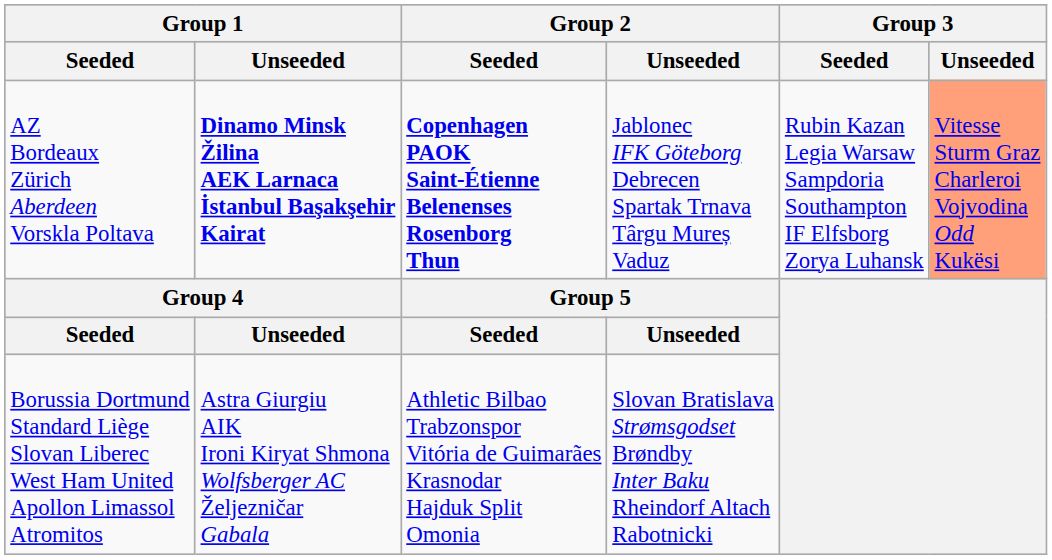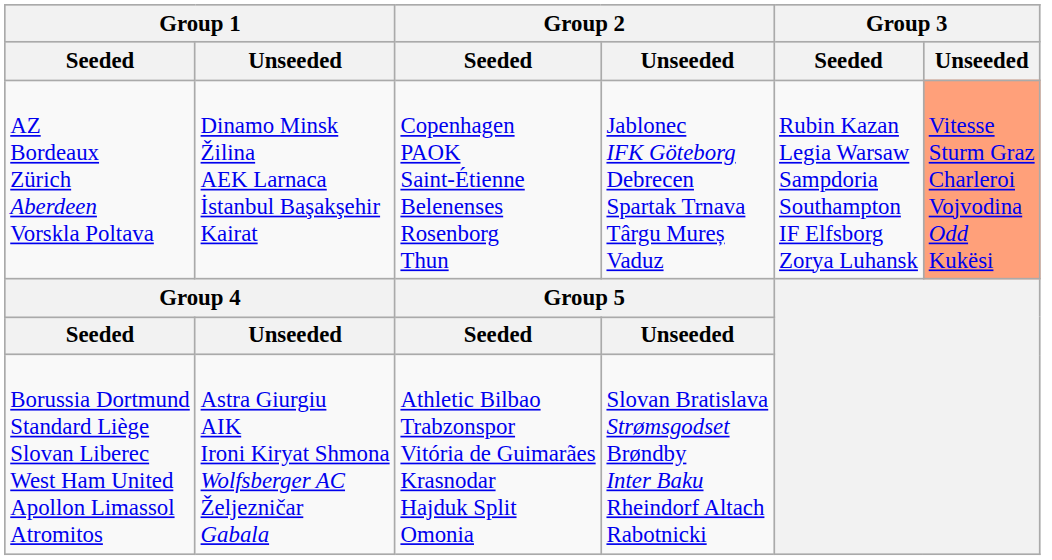 <table class="wikitable" style="font-size:85%">
 <tr>
 <th colspan=2>Group 1</th>
 <th colspan=2>Group 2</th>
 <th colspan=2>Group 3</th>
 </tr>
 <tr>
 <th>Seeded</th>
 <th>Unseeded</th>
 <th>Seeded</th>
 <th>Unseeded</th>
 <th>Seeded</th>
 <th>Unseeded</th>
 </tr>
 <tr>
 <td valign=top><br> <a href='#'>AZ</a> <br>  <a href='#'>Bordeaux</a> <br>  <a href='#'>Zürich</a> <br>  <em><a href='#'>Aberdeen</a></em> <br>  <a href='#'>Vorskla Poltava</a> </td>
-<td valign=top><strong><br> <a href='#'>Dinamo Minsk</a> <br>  <a href='#'>Žilina</a> <br>  <a href='#'>AEK Larnaca</a> <br>  <a href='#'>İstanbul Başakşehir</a> <br>  <a href='#'>Kairat</a> </strong></td>
-<td valign=top><strong><br> <a href='#'>Copenhagen</a> <br>  <a href='#'>PAOK</a> <br>  <a href='#'>Saint-Étienne</a> <br>  <a href='#'>Belenenses</a> <br>  <a href='#'>Rosenborg</a> <br>  <a href='#'>Thun</a> </strong></td>
+<td valign=top><br> <a href='#'>Dinamo Minsk</a> <br>  <a href='#'>Žilina</a> <br>  <a href='#'>AEK Larnaca</a> <br>  <a href='#'>İstanbul Başakşehir</a> <br>  <a href='#'>Kairat</a> </td>
+<td valign=top><br> <a href='#'>Copenhagen</a> <br>  <a href='#'>PAOK</a> <br>  <a href='#'>Saint-Étienne</a> <br>  <a href='#'>Belenenses</a> <br>  <a href='#'>Rosenborg</a> <br>  <a href='#'>Thun</a> </td>
 <td valign=top><br> <a href='#'>Jablonec</a> <br>  <em><a href='#'>IFK Göteborg</a></em> <br>  <a href='#'>Debrecen</a> <br>  <a href='#'>Spartak Trnava</a> <br>  <a href='#'>Târgu Mureș</a> <br>  <a href='#'>Vaduz</a> </td>
 <td valign=top><br> <a href='#'>Rubin Kazan</a> <br>  <a href='#'>Legia Warsaw</a> <br>  <a href='#'>Sampdoria</a> <br>  <a href='#'>Southampton</a> <br>  <a href='#'>IF Elfsborg</a> <br>  <a href='#'>Zorya Luhansk</a> </td>
 <td valign=top style="background: lightsalmon;"><br> <a href='#'>Vitesse</a> <br>  <a href='#'>Sturm Graz</a> <br>  <a href='#'>Charleroi</a> <br>  <a href='#'>Vojvodina</a> <br>  <em><a href='#'>Odd</a></em> <br>  <a href='#'>Kukësi</a> </td>
 </tr>
 <tr>
 <th colspan=2>Group 4</th>
 <th colspan=2>Group 5</th>
 <th rowspan=3 colspan=2></th>
 </tr>
 <tr>
 <th>Seeded</th>
 <th>Unseeded</th>
 <th>Seeded</th>
 <th>Unseeded</th>
 </tr>
 <tr>
 <td valign=top><br> <a href='#'>Borussia Dortmund</a> <br>  <a href='#'>Standard Liège</a> <br>  <a href='#'>Slovan Liberec</a> <br>  <a href='#'>West Ham United</a> <br>  <a href='#'>Apollon Limassol</a> <br>  <a href='#'>Atromitos</a> </td>
 <td valign=top><br> <a href='#'>Astra Giurgiu</a> <br>  <a href='#'>AIK</a> <br>  <a href='#'>Ironi Kiryat Shmona</a> <br>  <em><a href='#'>Wolfsberger AC</a></em> <br>  <a href='#'>Željezničar</a> <br>  <em><a href='#'>Gabala</a></em> </td>
 <td valign=top><br> <a href='#'>Athletic Bilbao</a> <br>  <a href='#'>Trabzonspor</a> <br>  <a href='#'>Vitória de Guimarães</a> <br>  <a href='#'>Krasnodar</a> <br>  <a href='#'>Hajduk Split</a> <br>  <a href='#'>Omonia</a> </td>
 <td valign=top><br> <a href='#'>Slovan Bratislava</a> <br>  <em><a href='#'>Strømsgodset</a></em> <br>  <a href='#'>Brøndby</a> <br>  <em><a href='#'>Inter Baku</a></em> <br>  <a href='#'>Rheindorf Altach</a> <br>  <a href='#'>Rabotnicki</a> </td>
 </tr>
 </table>
